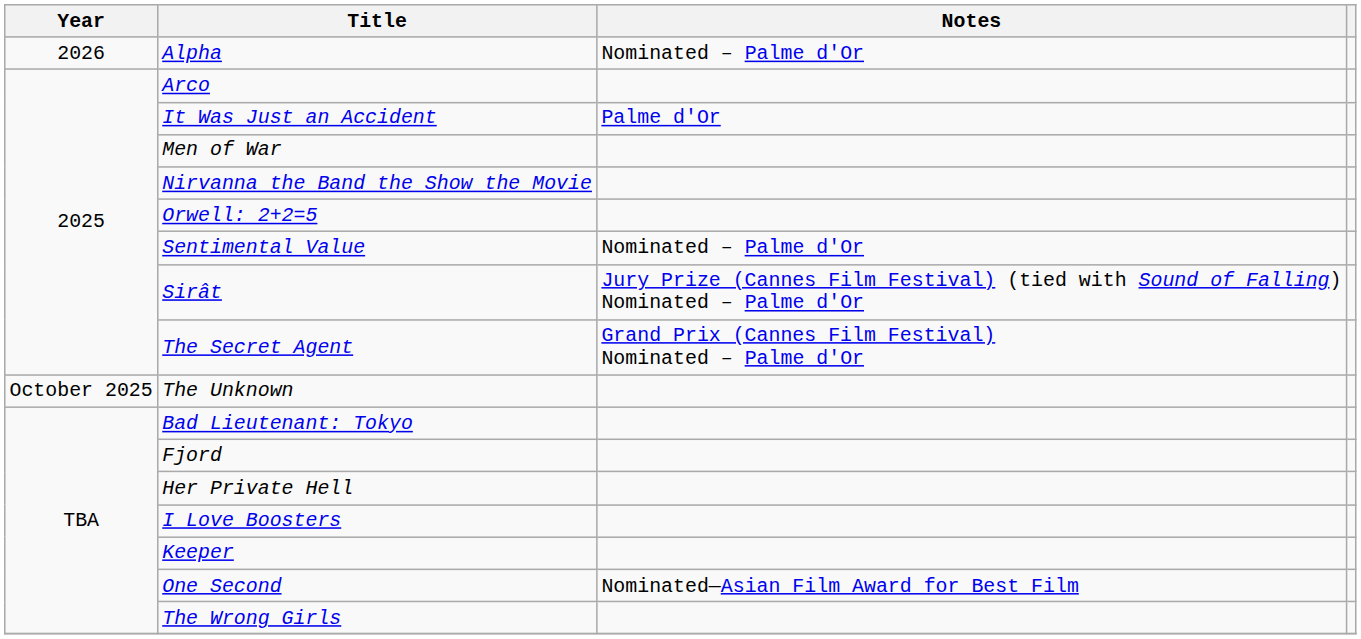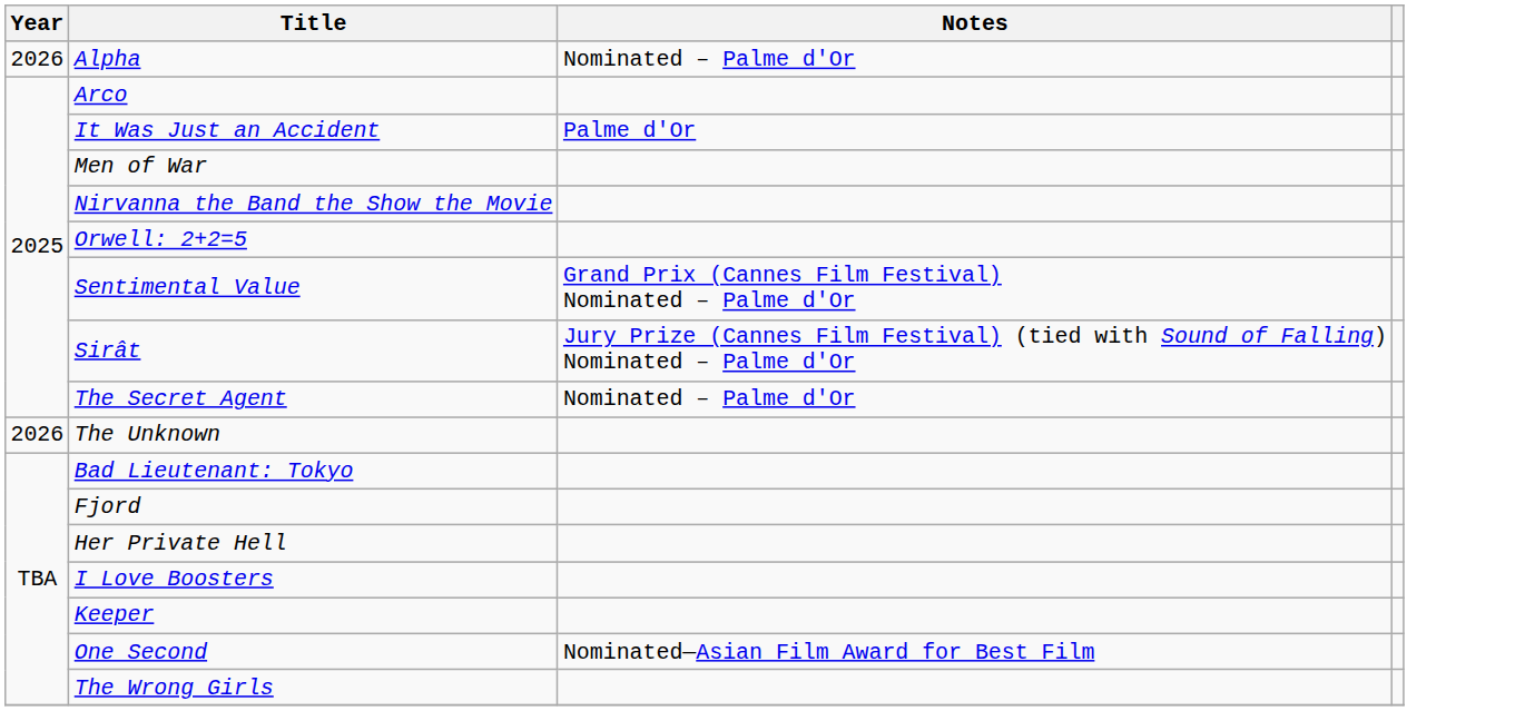 <table class="wikitable sortable">
 <tr>
 <th>Year</th>
 <th>Title</th>
 <th>Notes</th>
 <th></th>
 </tr>
 <tr>
 <td style="text-align:center;">2026</td>
 <td><em><a href='#'>Alpha</a></em></td>
 <td>Nominated – <a href='#'>Palme d'Or</a></td>
 <td style="text-align:center;"></td>
 </tr>
 <tr>
 <td style="text-align:center;" rowspan="8">2025</td>
 <td><em><a href='#'> Arco</a></em></td>
 <td></td>
 <td style="text-align:center;"></td>
 </tr>
 <tr>
 <td><em><a href='#'>It Was Just an Accident</a></em></td>
 <td><a href='#'>Palme d'Or</a></td>
 <td style="text-align:center;"></td>
 </tr>
 <tr>
 <td><em>Men of War</em></td>
 <td></td>
 <td style="text-align:center;"></td>
 </tr>
 <tr>
 <td><em><a href='#'>Nirvanna the Band the Show the Movie</a></em></td>
 <td></td>
 <td style="text-align:center;"></td>
 </tr>
 <tr>
 <td><em><a href='#'>Orwell: 2+2=5</a></em></td>
 <td></td>
 <td style="text-align:center;"></td>
 </tr>
 <tr>
 <td><em><a href='#'>Sentimental Value</a></em></td>
-<td>Nominated – <a href='#'>Palme d'Or</a></td>
+<td><a href='#'>Grand Prix (Cannes Film Festival)</a><br>Nominated – <a href='#'>Palme d'Or</a></td>
 <td style="text-align:center;"></td>
 </tr>
 <tr>
 <td><em><a href='#'>Sirât</a></em></td>
 <td><a href='#'>Jury Prize (Cannes Film Festival)</a> (tied with <em><a href='#'>Sound of Falling</a></em>) <br> Nominated – <a href='#'>Palme d'Or</a></td>
 <td style="text-align:center;"></td>
 </tr>
 <tr>
 <td><em><a href='#'>The Secret Agent</a></em></td>
-<td><a href='#'>Grand Prix (Cannes Film Festival)</a><br>Nominated – <a href='#'>Palme d'Or</a></td>
+<td>Nominated – <a href='#'>Palme d'Or</a></td>
 <td style="text-align:center;"></td>
 </tr>
 <tr>
-<td style="text-align:center;">October 2025</td>
+<td style="text-align:center;">2026</td>
 <td><em>The Unknown</em></td>
 <td></td>
 <td style="text-align:center;"></td>
 </tr>
 <tr>
 <td style="text-align:center;" rowspan="7">TBA</td>
 <td><em><a href='#'>Bad Lieutenant: Tokyo</a></em></td>
 <td></td>
 <td style="text-align:center;"><br></td>
 </tr>
 <tr>
 <td><em>Fjord</em></td>
 <td></td>
 <td style="text-align:center;"></td>
 </tr>
 <tr>
 <td><em>Her Private Hell</em></td>
 <td></td>
 <td style="text-align:center;"></td>
 </tr>
 <tr>
 <td><em><a href='#'>I Love Boosters</a></em></td>
 <td></td>
 <td style="text-align:center;"></td>
 </tr>
 <tr>
 <td><em><a href='#'>Keeper</a></em></td>
 <td></td>
 <td style="text-align:center;"></td>
 </tr>
 <tr>
 <td><em><a href='#'>One Second</a></em></td>
 <td>Nominated—<a href='#'>Asian Film Award for Best Film</a></td>
 <td style="text-align:center;"></td>
 </tr>
 <tr>
 <td><em><a href='#'>The Wrong Girls</a></em></td>
 <td></td>
 <td style="text-align:center;"></td>
 </tr>
 <tr>
 </tr>
 </table>
